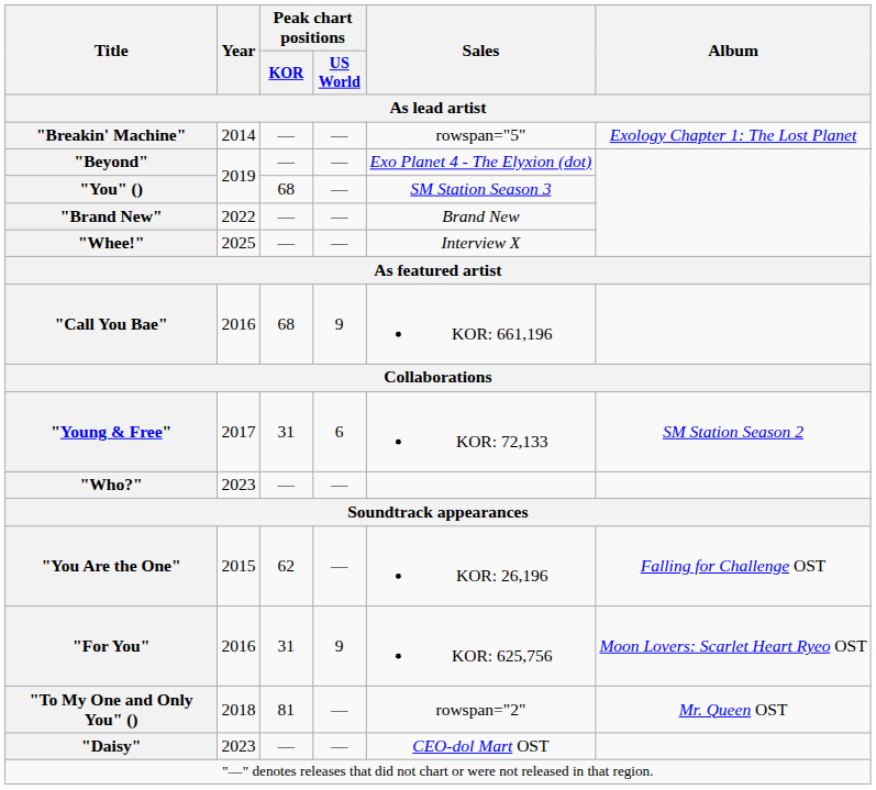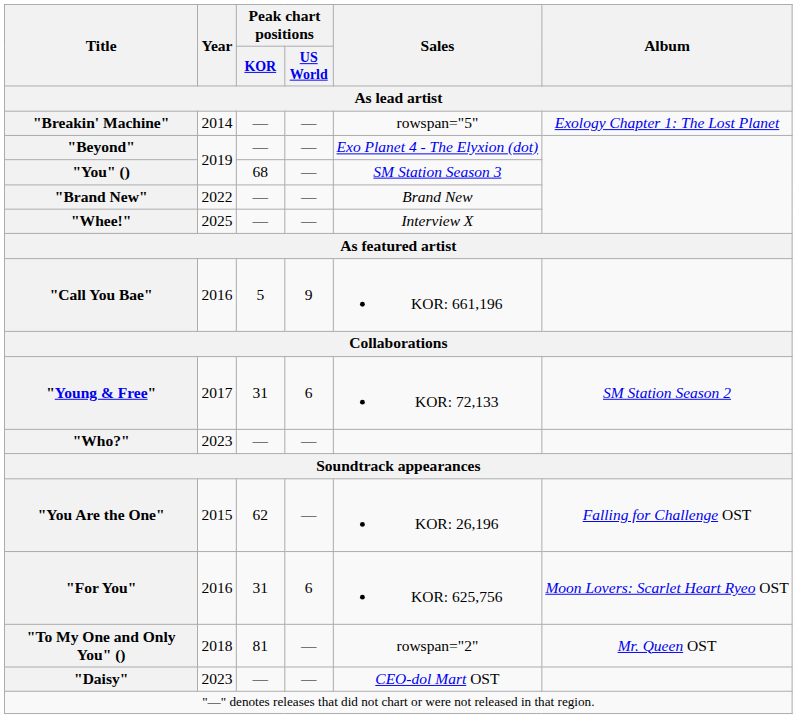 <table class="wikitable plainrowheaders" style="text-align:center">
 <tr>
 <th rowspan="2" style="width:12em">Title</th>
 <th rowspan="2">Year</th>
 <th colspan="2">Peak chart<br>positions</th>
 <th rowspan="2">Sales</th>
 <th rowspan="2">Album</th>
 </tr>
 <tr>
 <th style="width:3em;font-size:90%"><a href='#'>KOR</a><br></th>
 <th style="width:3em;font-size:90%"><a href='#'>US<br>World</a><br></th>
 </tr>
 <tr>
 <th colspan="7">As lead artist</th>
 </tr>
 <tr>
 <th scope="row">"Breakin' Machine"</th>
 <td>2014</td>
 <td>—</td>
 <td>—</td>
 <td>rowspan="5" </td>
 <td><em><a href='#'>Exology Chapter 1: The Lost Planet</a></em></td>
 </tr>
 <tr>
 <th scope="row">"Beyond"</th>
 <td rowspan="2">2019</td>
 <td>—</td>
 <td>—</td>
 <td><em><a href='#'>Exo Planet 4 - The Elyxion (dot)</a></em></td>
 </tr>
 <tr>
 <th scope="row">"You" ()</th>
 <td>68</td>
 <td>—</td>
 <td><em><a href='#'>SM Station Season 3</a></em></td>
 </tr>
 <tr>
 <th scope="row">"Brand New"</th>
 <td>2022</td>
 <td>—</td>
 <td>—</td>
 <td><em>Brand New</em></td>
 </tr>
 <tr>
 <th scope="row">"Whee!"</th>
 <td>2025</td>
 <td>—</td>
 <td>—</td>
 <td><em>Interview X</em></td>
 </tr>
 <tr>
 <th colspan="7">As featured artist</th>
 </tr>
 <tr>
 <th scope="row">"Call You Bae"<br></th>
 <td>2016</td>
-<td>68</td>
+<td>5</td>
 <td>9</td>
 <td><br><ul><li>KOR: 661,196</li></ul></td>
 <td></td>
 </tr>
 <tr>
 <th colspan="7">Collaborations</th>
 </tr>
 <tr>
 <th scope="row">"<a href='#'>Young & Free</a>"<br></th>
 <td>2017</td>
 <td>31</td>
 <td>6</td>
 <td><br><ul><li>KOR: 72,133</li></ul></td>
 <td><em><a href='#'>SM Station Season 2</a></em></td>
 </tr>
 <tr>
 <th scope="row">"Who?"<br></th>
 <td>2023</td>
 <td>—</td>
 <td>—</td>
 <td></td>
 <td></td>
 </tr>
 <tr>
 <th colspan="7">Soundtrack appearances</th>
 </tr>
 <tr>
 <th scope="row">"You Are the One"</th>
 <td>2015</td>
 <td>62</td>
 <td>—</td>
 <td><br><ul><li>KOR: 26,196</li></ul></td>
 <td><em><a href='#'>Falling for Challenge</a></em> OST</td>
 </tr>
 <tr>
 <th scope="row">"For You"<br></th>
 <td>2016</td>
 <td>31</td>
-<td>9</td>
+<td>6</td>
 <td><br><ul><li>KOR: 625,756</li></ul></td>
 <td><em><a href='#'>Moon Lovers: Scarlet Heart Ryeo</a></em> OST</td>
 </tr>
 <tr>
 <th scope="row">"To My One and Only You" ()</th>
 <td>2018</td>
 <td>81</td>
 <td>—</td>
 <td>rowspan="2" </td>
 <td><em><a href='#'>Mr. Queen</a></em> OST</td>
 </tr>
 <tr>
 <th scope="row">"Daisy"</th>
 <td>2023</td>
 <td>—</td>
 <td>—</td>
 <td><em><a href='#'>CEO-dol Mart</a></em> OST</td>
 </tr>
 <tr>
 <td colspan="7" style="font-size:85%">"—" denotes releases that did not chart or were not released in that region.</td>
 </tr>
 </table>
